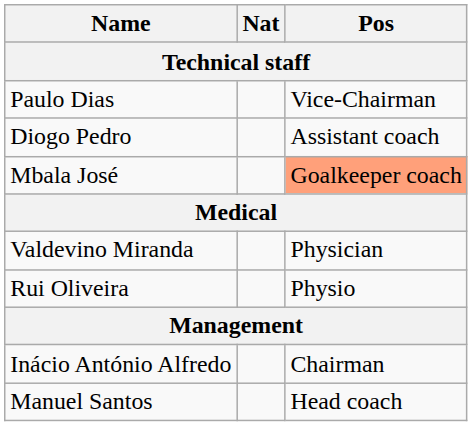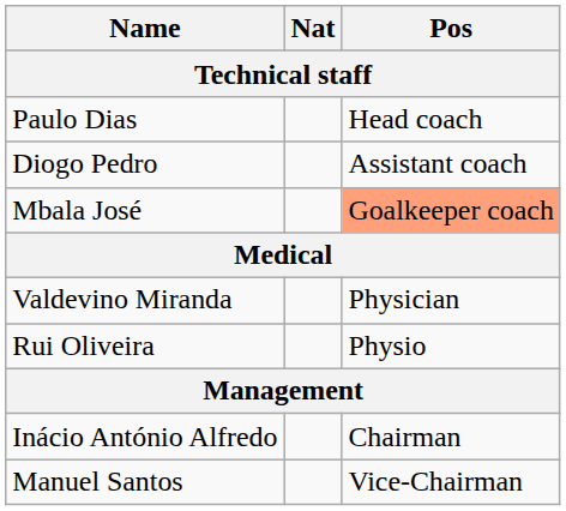 <table class="wikitable ve-ce-branchNode ve-ce-tableNode">
 <tr>
 <th>Name</th>
 <th>Nat</th>
 <th>Pos</th>
 </tr>
 <tr>
 <th colspan="4">Technical staff</th>
 </tr>
 <tr>
 <td>Paulo Dias</td>
 <td></td>
-<td>Vice-Chairman</td>
+<td>Head coach</td>
 </tr>
 <tr>
 <td>Diogo Pedro</td>
 <td></td>
 <td>Assistant coach</td>
 </tr>
 <tr>
 <td>Mbala José</td>
 <td></td>
 <td style="background: lightsalmon;">Goalkeeper coach</td>
 </tr>
 <tr>
 <th colspan="4">Medical</th>
 </tr>
 <tr>
 <td>Valdevino Miranda</td>
 <td></td>
 <td>Physician</td>
 </tr>
 <tr>
 <td>Rui Oliveira</td>
 <td></td>
 <td>Physio</td>
 </tr>
 <tr>
 <th colspan="4">Management</th>
 </tr>
 <tr>
 <td>Inácio António Alfredo</td>
 <td></td>
 <td>Chairman</td>
 </tr>
 <tr>
 <td>Manuel Santos</td>
 <td></td>
-<td>Head coach</td>
+<td>Vice-Chairman</td>
 </tr>
 </table>
